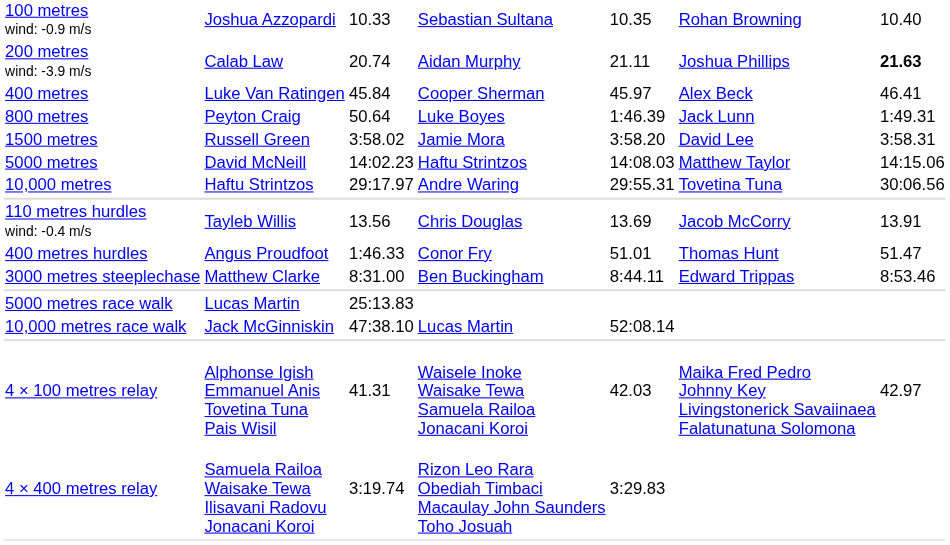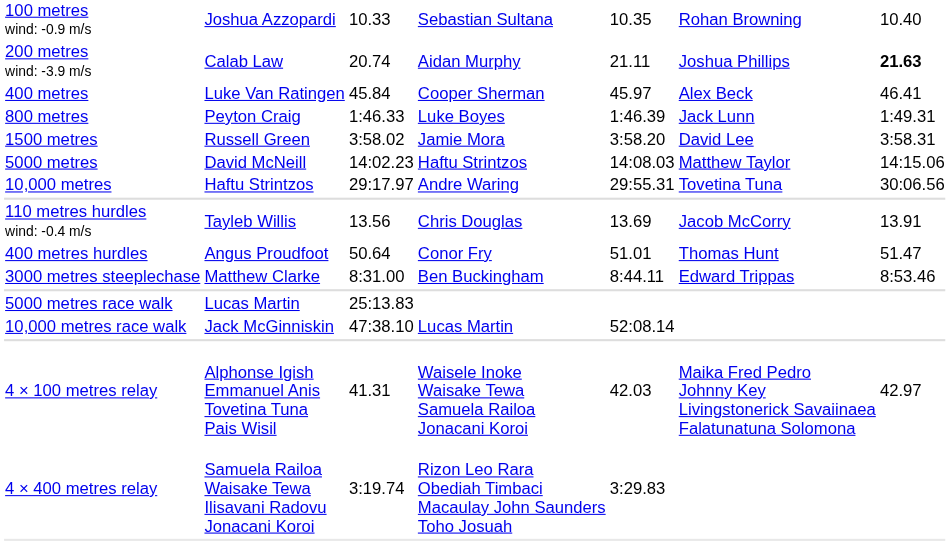 <table>
 <tr>
 <td><a href='#'>100 metres</a><br><small>wind: -0.9 m/s</small></td>
 <td align=left><a href='#'>Joshua Azzopardi</a> <br> </td>
 <td>10.33</td>
 <td align=left><a href='#'>Sebastian Sultana</a> <br> </td>
 <td>10.35</td>
 <td align=left><a href='#'>Rohan Browning</a> <br> </td>
 <td>10.40</td>
 </tr>
 <tr>
 <td><a href='#'>200 metres</a><br><small>wind: -3.9 m/s</small></td>
 <td><a href='#'>Calab Law</a> <br> </td>
 <td>20.74</td>
 <td><a href='#'>Aidan Murphy</a> <br> </td>
 <td>21.11</td>
 <td><a href='#'>Joshua Phillips</a> <br> </td>
 <td><strong>21.63</strong></td>
 </tr>
 <tr>
 <td><a href='#'>400 metres</a></td>
 <td><a href='#'>Luke Van Ratingen</a> <br> </td>
 <td>45.84 </td>
 <td><a href='#'>Cooper Sherman</a> <br> </td>
 <td>45.97</td>
 <td><a href='#'>Alex Beck</a> <br> </td>
 <td>46.41</td>
 </tr>
 <tr>
 <td><a href='#'>800 metres</a></td>
 <td><a href='#'>Peyton Craig</a> <br> </td>
-<td>50.64 </td>
+<td>1:46.33 </td>
 <td><a href='#'>Luke Boyes</a> <br> </td>
 <td>1:46.39</td>
 <td><a href='#'>Jack Lunn</a> <br> </td>
 <td>1:49.31</td>
 </tr>
 <tr>
 <td><a href='#'>1500 metres</a></td>
 <td><a href='#'>Russell Green</a> <br> </td>
 <td>3:58.02</td>
 <td><a href='#'>Jamie Mora</a> <br> </td>
 <td>3:58.20</td>
 <td><a href='#'>David Lee</a> <br> </td>
 <td>3:58.31</td>
 </tr>
 <tr>
 <td><a href='#'>5000 metres</a></td>
 <td><a href='#'>David McNeill</a> <br> </td>
 <td>14:02.23</td>
 <td><a href='#'>Haftu Strintzos</a> <br> </td>
 <td>14:08.03</td>
 <td><a href='#'>Matthew Taylor</a> <br> </td>
 <td>14:15.06 </td>
 </tr>
 <tr>
 <td><a href='#'>10,000 metres</a></td>
 <td><a href='#'>Haftu Strintzos</a> <br> </td>
 <td>29:17.97 </td>
 <td><a href='#'>Andre Waring</a> <br> </td>
 <td>29:55.31</td>
 <td><a href='#'>Tovetina Tuna</a> <br> </td>
 <td>30:06.56 </td>
 </tr>
 <tr bgcolor=#DDDDDD>
 <td colspan=8></td>
 </tr>
 <tr>
 <td><a href='#'>110 metres hurdles</a><br><small>wind: -0.4 m/s</small></td>
 <td><a href='#'>Tayleb Willis</a> <br> </td>
 <td>13.56 </td>
 <td><a href='#'>Chris Douglas</a> <br> </td>
 <td>13.69</td>
 <td><a href='#'>Jacob McCorry</a> <br> </td>
 <td>13.91</td>
 </tr>
 <tr>
 <td><a href='#'>400 metres hurdles</a></td>
 <td><a href='#'>Angus Proudfoot</a> <br> </td>
-<td>1:46.33 </td>
+<td>50.64 </td>
 <td><a href='#'>Conor Fry</a> <br> </td>
 <td>51.01</td>
 <td><a href='#'>Thomas Hunt</a> <br> </td>
 <td>51.47</td>
 </tr>
 <tr>
 <td><a href='#'>3000 metres steeplechase</a></td>
 <td><a href='#'>Matthew Clarke</a> <br> </td>
 <td>8:31.00 </td>
 <td><a href='#'>Ben Buckingham</a> <br> </td>
 <td>8:44.11</td>
 <td><a href='#'>Edward Trippas</a> <br> </td>
 <td>8:53.46</td>
 </tr>
 <tr bgcolor=#DDDDDD>
 <td colspan=8></td>
 </tr>
 <tr>
 <td><a href='#'>5000 metres race walk</a></td>
 <td><a href='#'>Lucas Martin</a> <br> </td>
 <td>25:13.83	</td>
 <td></td>
 <td></td>
 <td></td>
 <td></td>
 </tr>
 <tr>
 <td><a href='#'>10,000 metres race walk</a></td>
 <td><a href='#'>Jack McGinniskin</a> <br> </td>
 <td>47:38.10</td>
 <td><a href='#'>Lucas Martin</a> <br> </td>
 <td>52:08.14</td>
 <td></td>
 <td></td>
 </tr>
 <tr bgcolor=#DDDDDD>
 <td colspan=8></td>
 </tr>
 <tr>
 <td><a href='#'>4 × 100 metres relay</a></td>
 <td> <br><a href='#'>Alphonse Igish</a><br><a href='#'>Emmanuel Anis</a><br><a href='#'>Tovetina Tuna</a><br><a href='#'>Pais Wisil</a></td>
 <td>41.31 </td>
 <td> <br><a href='#'>Waisele Inoke</a><br><a href='#'>Waisake Tewa</a><br><a href='#'>Samuela Railoa</a><br><a href='#'>Jonacani Koroi</a></td>
 <td>42.03 </td>
 <td> <br><a href='#'>Maika Fred Pedro</a><br><a href='#'>Johnny Key</a><br><a href='#'>Livingstonerick Savaiinaea</a><br><a href='#'>Falatunatuna Solomona</a></td>
 <td>42.97 </td>
 </tr>
 <tr>
 <td><a href='#'>4 × 400 metres relay</a></td>
 <td> <br><a href='#'>Samuela Railoa</a><br><a href='#'>Waisake Tewa</a><br><a href='#'>Ilisavani Radovu</a><br><a href='#'>Jonacani Koroi</a></td>
 <td>3:19.74 </td>
 <td> <br><a href='#'>Rizon Leo Rara</a><br><a href='#'>Obediah Timbaci</a><br><a href='#'>Macaulay John Saunders</a><br><a href='#'>Toho Josuah</a></td>
 <td>3:29.83 </td>
 <td></td>
 <td></td>
 </tr>
 <tr style="background:#e8e8e8;">
 <td colspan=7></td>
 </tr>
 </table>
